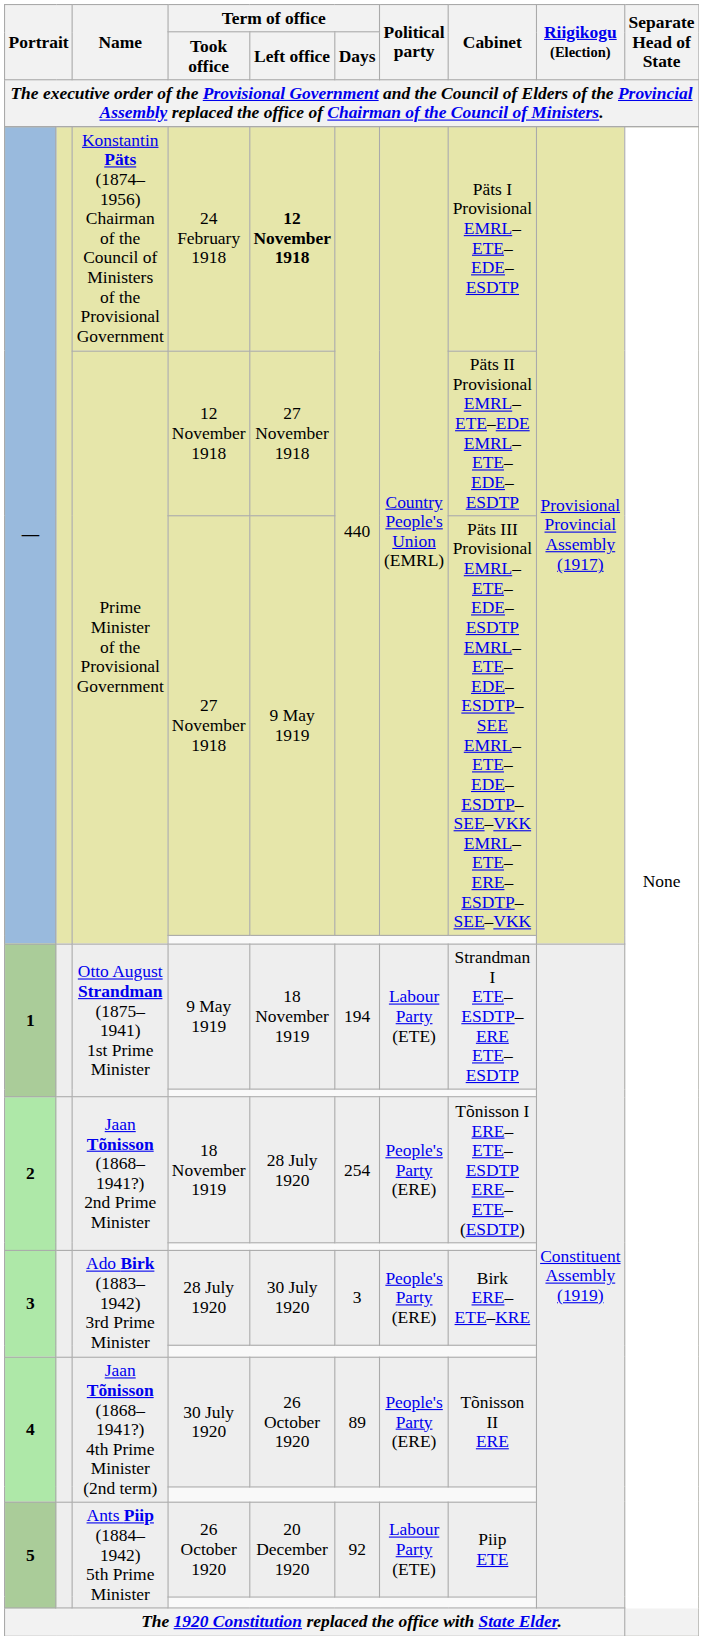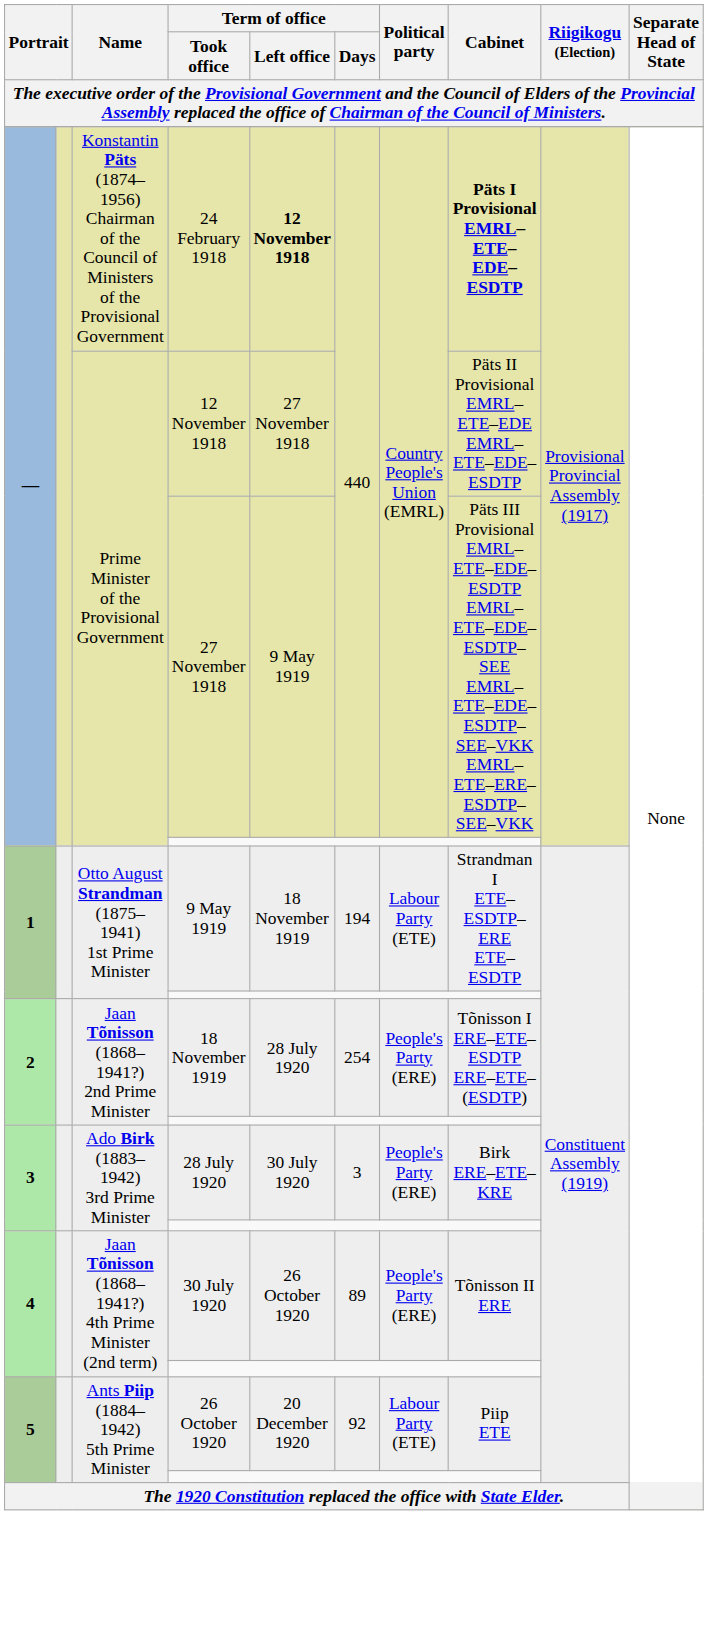 <table class="wikitable" style="text-align:center; width:100%; border:1px #AAAAFF solid">
 <tr>
 <th width=70 colspan=2 rowspan=2>Portrait</th>
 <th width=17% rowspan=2>Name</th>
 <th width=200 colspan=3>Term of office</th>
 <th rowspan=2>Political party</th>
 <th rowspan=2>Cabinet</th>
 <th width=80 rowspan=2><a href='#'>Riigikogu</a><br><small>(Election)</small></th>
 <th rowspan=2>Separate<br>Head of State</th>
 </tr>
 <tr>
 <th>Took office</th>
 <th>Left office</th>
 <th>Days</th>
 </tr>
 <tr>
 <th colspan=10><em>The executive order of the <a href='#'>Provisional Government</a> and the Council of Elders of the <a href='#'>Provincial Assembly</a> replaced the office of <a href='#'>Chairman of the Council of Ministers</a>.</em></th>
 </tr>
 <tr>
 </tr>
 <tr bgcolor=#E6E6AA>
 <th rowspan=4 style="background:#99badd;">—</th>
 <td rowspan=4></td>
 <td><a href='#'>Konstantin <strong>Päts</strong></a><br>(1874–1956)<br>Chairman of the Council of Ministers<br>of the Provisional Government</td>
 <td>24 February 1918</td>
 <td><strong>12 November 1918</strong></td>
 <td rowspan=3>440</td>
 <td rowspan=3><a href='#'>Country People's Union</a><br>(EMRL)</td>
-<td>Päts I Provisional<br><a href='#'>EMRL</a>–<a href='#'>ETE</a>–<a href='#'>EDE</a>–<a href='#'>ESDTP</a></td>
+<td><strong>Päts I Provisional<br><a href='#'>EMRL</a>–<a href='#'>ETE</a>–<a href='#'>EDE</a>–<a href='#'>ESDTP</a></strong></td>
 <td rowspan=4><a href='#'>Provisional<br>Provincial<br>Assembly<br>(1917)</a></td>
 <td bgcolor=white rowspan=46>None</td>
 </tr>
 <tr bgcolor=#E6E6AA>
 <td rowspan=3>Prime Minister<br>of the Provisional Government</td>
 <td>12 November 1918</td>
 <td>27 November 1918</td>
 <td>Päts II Provisional<br><a href='#'>EMRL</a>–<a href='#'>ETE</a>–<a href='#'>EDE</a><br><a href='#'>EMRL</a>–<a href='#'>ETE</a>–<a href='#'>EDE</a>–<a href='#'>ESDTP</a><br></td>
 </tr>
 <tr bgcolor=#E6E6AA>
 <td>27 November 1918</td>
 <td>9 May 1919</td>
 <td>Päts III Provisional<br><a href='#'>EMRL</a>–<a href='#'>ETE</a>–<a href='#'>EDE</a>–<a href='#'>ESDTP</a><br><a href='#'>EMRL</a>–<a href='#'>ETE</a>–<a href='#'>EDE</a>–<a href='#'>ESDTP</a>–<a href='#'>SEE</a><br><a href='#'>EMRL</a>–<a href='#'>ETE</a>–<a href='#'>EDE</a>–<a href='#'>ESDTP</a>–<a href='#'>SEE</a>–<a href='#'>VKK</a><br><a href='#'>EMRL</a>–<a href='#'>ETE</a>–<a href='#'>ERE</a>–<a href='#'>ESDTP</a>–<a href='#'>SEE</a>–<a href='#'>VKK</a><br></td>
 </tr>
 <tr>
 <td colspan="5" style="text-align:left;"></td>
 </tr>
 <tr bgcolor=#EEEEEE>
 <th rowspan=2 style="background:#AACC99;">1</th>
 <td rowspan=2></td>
 <td rowspan=2><a href='#'>Otto August <strong>Strandman</strong></a><br>(1875–1941)<br>1st Prime Minister</td>
 <td>9 May 1919</td>
 <td>18 November 1919</td>
 <td>194</td>
 <td><a href='#'>Labour Party</a><br>(ETE)</td>
 <td>Strandman I<br><a href='#'>ETE</a>–<a href='#'>ESDTP</a>–<a href='#'>ERE</a><br><a href='#'>ETE</a>–<a href='#'>ESDTP</a><br></td>
 <td rowspan=10><a href='#'>Constituent<br>Assembly<br>(1919)</a></td>
 </tr>
 <tr>
 <td colspan="5" style="text-align:left;"></td>
 </tr>
 <tr bgcolor=#EEEEEE>
 <th rowspan=2 style="background:#AEE8A8;">2</th>
 <td rowspan=2></td>
 <td rowspan=2><a href='#'>Jaan <strong>Tõnisson</strong></a><br>(1868–1941?)<br>2nd Prime Minister</td>
 <td>18 November 1919</td>
 <td>28 July 1920</td>
 <td>254</td>
 <td><a href='#'>People's Party</a><br>(ERE)</td>
 <td>Tõnisson I<br><a href='#'>ERE</a>–<a href='#'>ETE</a>–<a href='#'>ESDTP</a><br><a href='#'>ERE</a>–<a href='#'>ETE</a>–(<a href='#'>ESDTP</a>)<br></td>
 </tr>
 <tr>
 <td colspan="5" style="text-align:left;"></td>
 </tr>
 <tr bgcolor=#EEEEEE>
 <th rowspan=2 style="background:#AEE8A8;">3</th>
 <td rowspan=2></td>
 <td rowspan=2><a href='#'>Ado <strong>Birk</strong></a><br>(1883–1942)<br>3rd Prime Minister</td>
 <td>28 July 1920</td>
 <td>30 July 1920</td>
 <td>3</td>
 <td><a href='#'>People's Party</a><br>(ERE)</td>
 <td>Birk<br><a href='#'>ERE</a>–<a href='#'>ETE</a>–<a href='#'>KRE</a></td>
 </tr>
 <tr>
 <td colspan="5" style="text-align:left;"></td>
 </tr>
 <tr bgcolor=#EEEEEE>
 <th rowspan=2 style="background:#AEE8A8;">4</th>
 <td rowspan=2></td>
 <td rowspan=2><a href='#'>Jaan <strong>Tõnisson</strong></a><br>(1868–1941?)<br>4th Prime Minister<br>(2nd term)</td>
 <td>30 July 1920</td>
 <td>26 October 1920</td>
 <td>89</td>
 <td><a href='#'>People's Party</a><br>(ERE)</td>
 <td>Tõnisson II<br><a href='#'>ERE</a></td>
 </tr>
 <tr>
 <td colspan="5" style="text-align:left;"></td>
 </tr>
 <tr bgcolor=#EEEEEE>
 <th rowspan=2 style="background:#AACC99;">5</th>
 <td rowspan=2></td>
 <td rowspan=2><a href='#'>Ants <strong>Piip</strong></a><br>(1884–1942)<br>5th Prime Minister</td>
 <td>26 October 1920</td>
 <td>20 December 1920</td>
 <td>92</td>
 <td><a href='#'>Labour Party</a><br>(ETE)</td>
 <td>Piip<br><a href='#'>ETE</a></td>
 </tr>
 <tr>
 <td colspan="5" style="text-align:left;"></td>
 </tr>
 <tr>
 <th colspan=10><em>The <a href='#'>1920 Constitution</a> replaced the office with <a href='#'>State Elder</a>.</em></th>
 </tr>
 </table>
